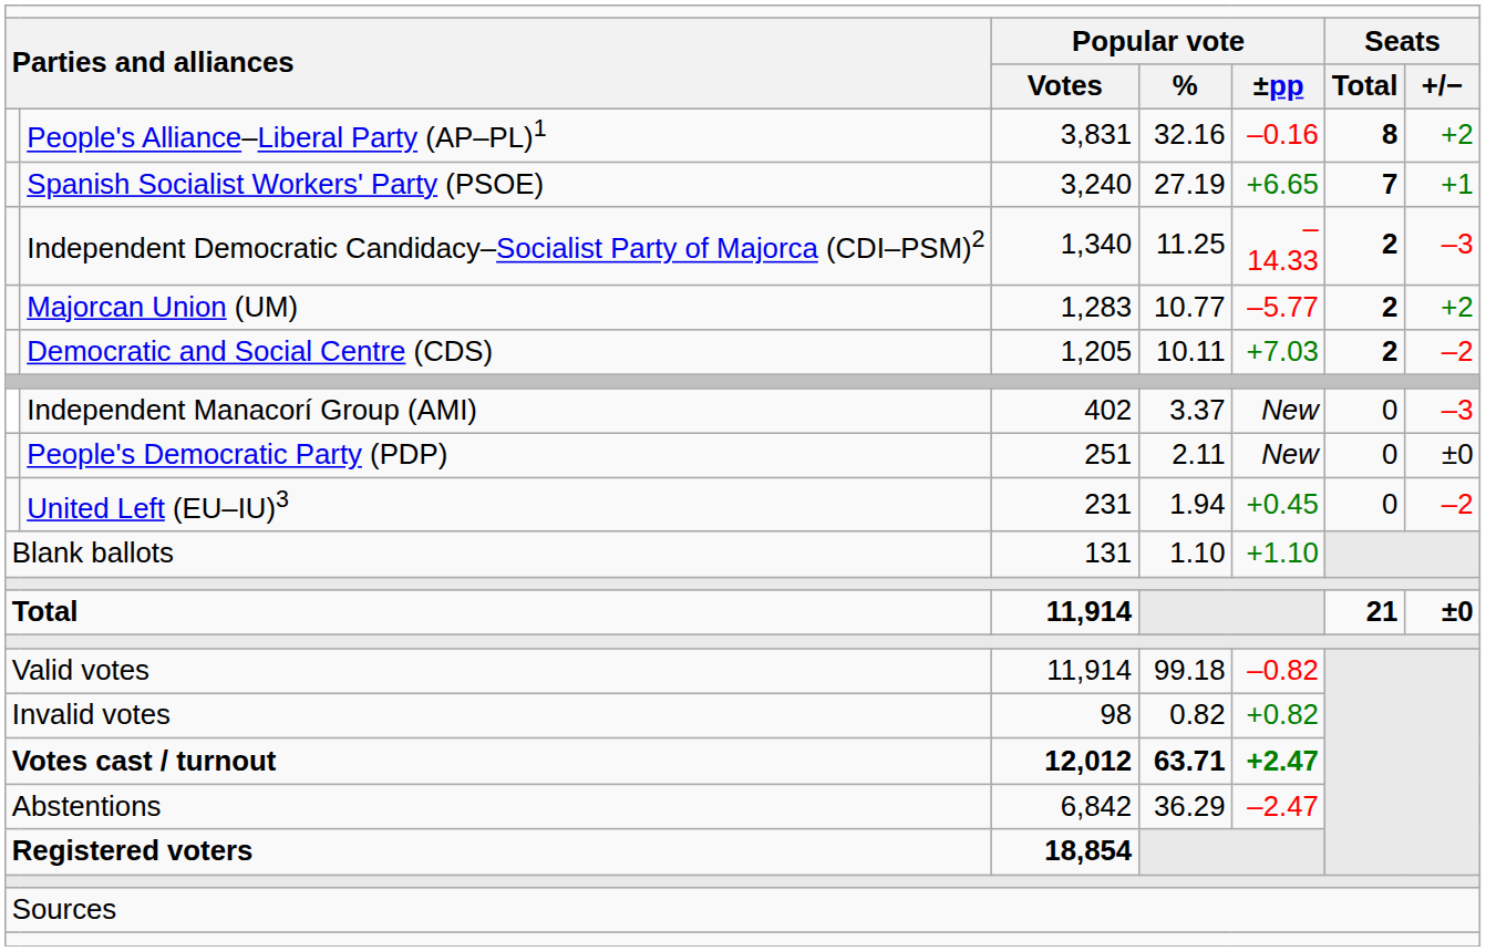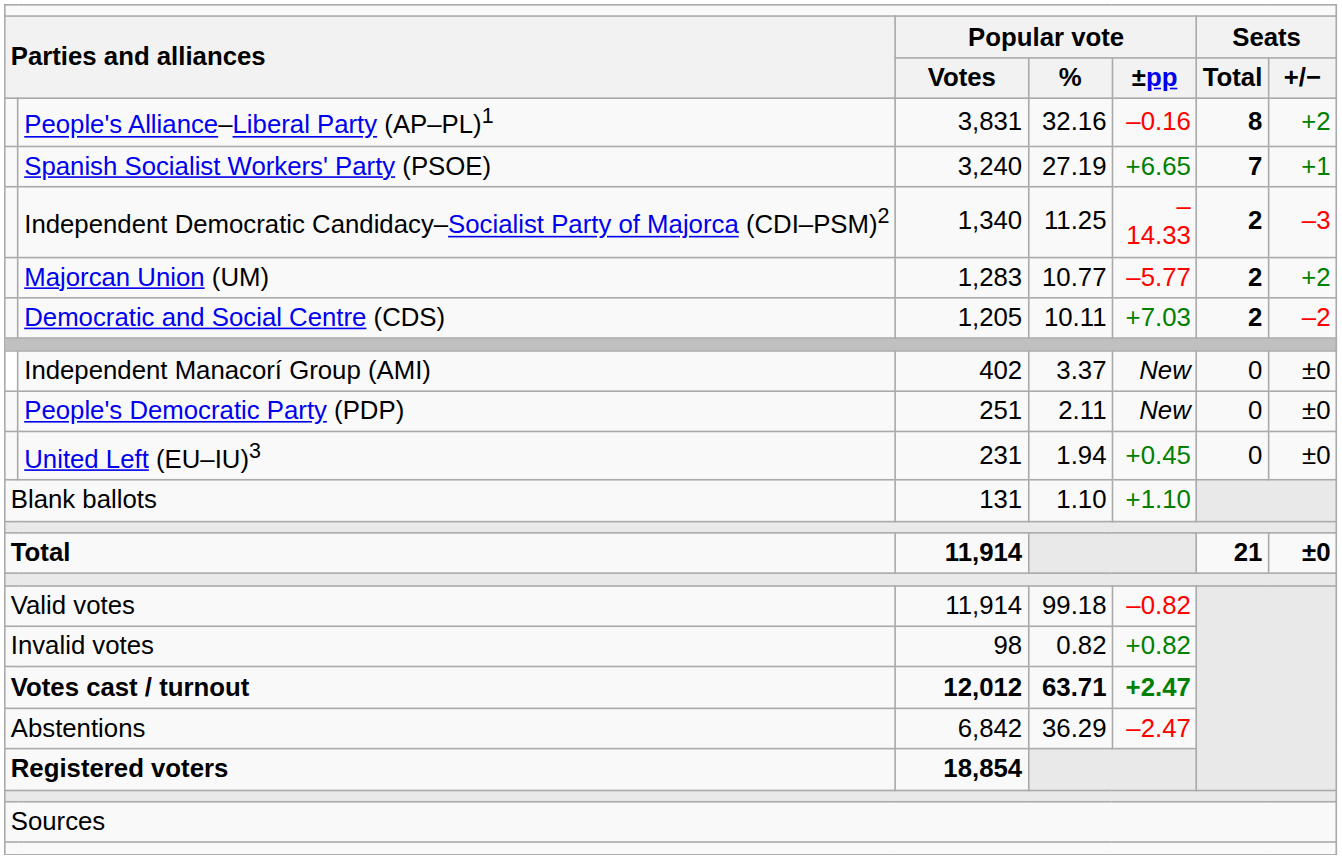 <table class="wikitable" style="text-align:right;">
 <tr>
 <td colspan="7"></td>
 </tr>
 <tr>
 <th style="text-align:left;" rowspan="2" colspan="2" width="525">Parties and alliances</th>
 <th colspan="3">Popular vote</th>
 <th colspan="2">Seats</th>
 </tr>
 <tr>
 <th width="75">Votes</th>
 <th width="45">%</th>
 <th width="45">±<a href='#'>pp</a></th>
 <th width="35">Total</th>
 <th width="35">+/−</th>
 </tr>
 <tr>
 <td width="1" style="color:inherit;background:"></td>
 <td align="left"><a href='#'>People's Alliance</a>–<a href='#'>Liberal Party</a> (AP–PL)<sup>1</sup></td>
 <td>3,831</td>
 <td>32.16</td>
 <td style="color:red;">–0.16</td>
 <td><strong>8</strong></td>
 <td style="color:green;">+2</td>
 </tr>
 <tr>
 <td style="color:inherit;background:"></td>
 <td align="left"><a href='#'>Spanish Socialist Workers' Party</a> (PSOE)</td>
 <td>3,240</td>
 <td>27.19</td>
 <td style="color:green;">+6.65</td>
 <td><strong>7</strong></td>
 <td style="color:green;">+1</td>
 </tr>
 <tr>
 <td style="color:inherit;background:"></td>
 <td align="left">Independent Democratic Candidacy–<a href='#'>Socialist Party of Majorca</a> (CDI–PSM)<sup>2</sup></td>
 <td>1,340</td>
 <td>11.25</td>
 <td style="color:red;">–14.33</td>
 <td><strong>2</strong></td>
 <td style="color:red;">–3</td>
 </tr>
 <tr>
 <td style="color:inherit;background:"></td>
 <td align="left"><a href='#'>Majorcan Union</a> (UM)</td>
 <td>1,283</td>
 <td>10.77</td>
 <td style="color:red;">–5.77</td>
 <td><strong>2</strong></td>
 <td style="color:green;">+2</td>
 </tr>
 <tr>
 <td style="color:inherit;background:"></td>
 <td align="left"><a href='#'>Democratic and Social Centre</a> (CDS)</td>
 <td>1,205</td>
 <td>10.11</td>
 <td style="color:green;">+7.03</td>
 <td><strong>2</strong></td>
 <td style="color:red;">–2</td>
 </tr>
 <tr>
 <td colspan="7" bgcolor="#C0C0C0"></td>
 </tr>
 <tr>
 <td bgcolor="white"></td>
 <td align="left">Independent Manacorí Group (AMI)</td>
 <td>402</td>
 <td>3.37</td>
 <td><em>New</em></td>
 <td>0</td>
-<td style="color:red;">–3</td>
+<td>±0</td>
 </tr>
 <tr>
 <td style="color:inherit;background:"></td>
 <td align="left"><a href='#'>People's Democratic Party</a> (PDP)</td>
 <td>251</td>
 <td>2.11</td>
 <td><em>New</em></td>
 <td>0</td>
 <td>±0</td>
 </tr>
 <tr>
 <td style="color:inherit;background:"></td>
 <td align="left"><a href='#'>United Left</a> (EU–IU)<sup>3</sup></td>
 <td>231</td>
 <td>1.94</td>
 <td style="color:green;">+0.45</td>
 <td>0</td>
-<td style="color:red;">–2</td>
+<td>±0</td>
 </tr>
 <tr>
 <td align="left" colspan="2">Blank ballots</td>
 <td>131</td>
 <td>1.10</td>
 <td style="color:green;">+1.10</td>
 <td bgcolor="#E9E9E9" colspan="2"></td>
 </tr>
 <tr>
 <td colspan="7" bgcolor="#E9E9E9"></td>
 </tr>
 <tr style="font-weight:bold;">
 <td align="left" colspan="2">Total</td>
 <td>11,914</td>
 <td bgcolor="#E9E9E9" colspan="2"></td>
 <td>21</td>
 <td>±0</td>
 </tr>
 <tr>
 <td colspan="7" bgcolor="#E9E9E9"></td>
 </tr>
 <tr>
 <td align="left" colspan="2">Valid votes</td>
 <td>11,914</td>
 <td>99.18</td>
 <td style="color:red;">–0.82</td>
 <td bgcolor="#E9E9E9" colspan="2" rowspan="5"></td>
 </tr>
 <tr>
 <td align="left" colspan="2">Invalid votes</td>
 <td>98</td>
 <td>0.82</td>
 <td style="color:green;">+0.82</td>
 </tr>
 <tr style="font-weight:bold;">
 <td align="left" colspan="2">Votes cast / turnout</td>
 <td>12,012</td>
 <td>63.71</td>
 <td style="color:green;">+2.47</td>
 </tr>
 <tr>
 <td align="left" colspan="2">Abstentions</td>
 <td>6,842</td>
 <td>36.29</td>
 <td style="color:red;">–2.47</td>
 </tr>
 <tr style="font-weight:bold;">
 <td align="left" colspan="2">Registered voters</td>
 <td>18,854</td>
 <td bgcolor="#E9E9E9" colspan="2"></td>
 </tr>
 <tr>
 <td colspan="7" bgcolor="#E9E9E9"></td>
 </tr>
 <tr>
 <td align="left" colspan="7">Sources</td>
 </tr>
 <tr>
 <td colspan="7" style="text-align:left; max-width:790px;"></td>
 </tr>
 </table>
